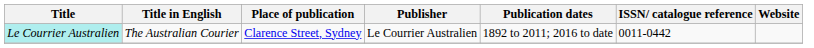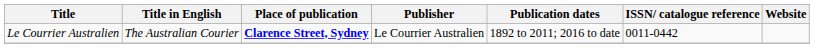 <table class="wikitable sortable">
 <tr>
 <th>Title</th>
 <th>Title in English</th>
 <th>Place of publication</th>
 <th>Publisher</th>
 <th>Publication dates</th>
 <th>ISSN/ catalogue reference</th>
 <th>Website</th>
 </tr>
 <tr>
-<td style="background: paleturquoise;"><em>Le Courrier Australien</em></td>
+<td><em>Le Courrier Australien</em></td>
 <td><em>The Australian Courier</em></td>
-<td><a href='#'>Clarence Street, Sydney</a></td>
+<td><strong><a href='#'>Clarence Street, Sydney</a></strong></td>
 <td>Le Courrier Australien</td>
 <td>1892 to 2011; 2016 to date</td>
 <td>0011-0442 </td>
 <td></td>
 </tr>
 <tr>
 </tr>
 </table>
